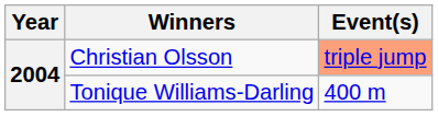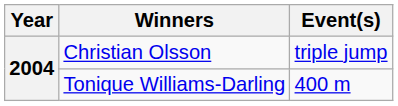 <table class="wikitable">
 <tr>
 <th>Year</th>
 <th>Winners</th>
 <th>Event(s)</th>
 </tr>
 <tr>
 <th rowspan=2>2004</th>
 <td><a href='#'>Christian Olsson</a></td>
-<td style="background: lightsalmon;"><a href='#'>triple jump</a></td>
+<td><a href='#'>triple jump</a></td>
 </tr>
 <tr>
 <td><a href='#'>Tonique Williams-Darling</a></td>
 <td><a href='#'>400 m</a></td>
 </tr>
 </table>
